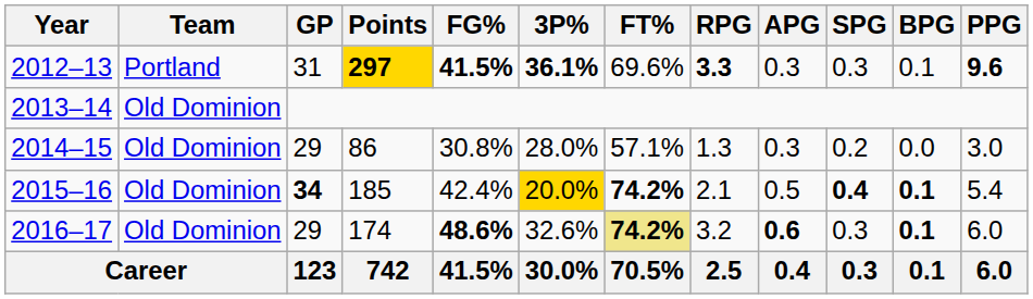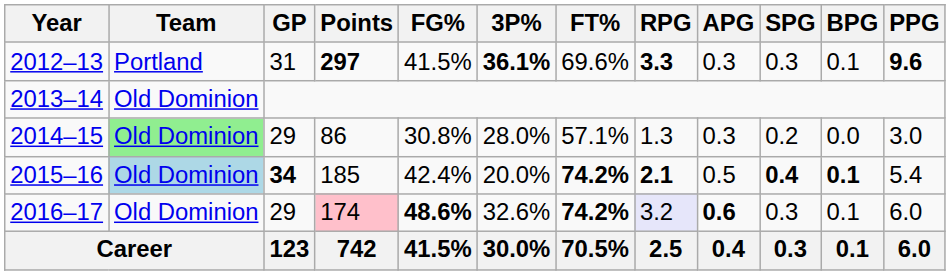 <table class="wikitable">
 <tr>
 <th>Year</th>
 <th>Team</th>
 <th>GP</th>
 <th>Points</th>
 <th>FG%</th>
 <th>3P%</th>
 <th>FT%</th>
 <th>RPG</th>
 <th>APG</th>
 <th>SPG</th>
 <th>BPG</th>
 <th>PPG</th>
 </tr>
 <tr>
 <td><a href='#'>2012–13</a></td>
 <td><a href='#'>Portland</a></td>
 <td>31</td>
-<td style="background: gold;"><strong>297</strong></td>
-<td><strong>41.5%</strong></td>
+<td><strong>297</strong></td>
+<td>41.5%</td>
 <td><strong>36.1%</strong></td>
 <td>69.6%</td>
 <td><strong>3.3</strong></td>
 <td>0.3</td>
 <td>0.3</td>
 <td>0.1</td>
 <td><strong>9.6</strong></td>
 </tr>
 <tr>
 <td><a href='#'>2013–14</a></td>
 <td><a href='#'>Old Dominion</a></td>
 <td colspan="10"></td>
 </tr>
 <tr>
 <td><a href='#'>2014–15</a></td>
-<td><a href='#'>Old Dominion</a></td>
+<td style="background: lightgreen;"><a href='#'>Old Dominion</a></td>
 <td>29</td>
 <td>86</td>
 <td>30.8%</td>
 <td>28.0%</td>
 <td>57.1%</td>
 <td>1.3</td>
 <td>0.3</td>
 <td>0.2</td>
 <td>0.0</td>
 <td>3.0</td>
 </tr>
 <tr>
 <td><a href='#'>2015–16</a></td>
-<td><a href='#'>Old Dominion</a></td>
+<td style="background: lightblue;"><a href='#'>Old Dominion</a></td>
 <td><strong>34</strong></td>
 <td>185</td>
 <td>42.4%</td>
-<td style="background: gold;">20.0%</td>
+<td>20.0%</td>
 <td><strong>74.2%</strong></td>
-<td>2.1</td>
+<td><strong>2.1</strong></td>
 <td>0.5</td>
 <td><strong>0.4</strong></td>
 <td><strong>0.1</strong></td>
 <td>5.4</td>
 </tr>
 <tr>
 <td><a href='#'>2016–17</a></td>
 <td><a href='#'>Old Dominion</a></td>
 <td>29</td>
-<td>174</td>
+<td style="background: pink;">174</td>
 <td><strong>48.6%</strong></td>
 <td>32.6%</td>
-<td style="background: khaki;"><strong>74.2%</strong></td>
-<td>3.2</td>
+<td><strong>74.2%</strong></td>
+<td style="background: lavender;">3.2</td>
 <td><strong>0.6</strong></td>
 <td>0.3</td>
-<td><strong>0.1</strong></td>
+<td>0.1</td>
 <td>6.0</td>
 </tr>
 <tr>
 <th colspan="2">Career</th>
 <th>123</th>
 <th>742</th>
 <th>41.5%</th>
 <th>30.0%</th>
 <th>70.5%</th>
 <th>2.5</th>
 <th>0.4</th>
 <th>0.3</th>
 <th>0.1</th>
 <th>6.0</th>
 </tr>
 </table>
